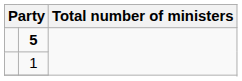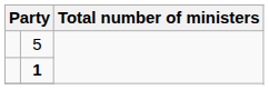 <table class="wikitable sortable">
 <tr>
 <th colspan="2">Party</th>
 <th>Total number of ministers</th>
 </tr>
 <tr>
 <td></td>
-<td style="text-align: center;"><strong>5</strong></td>
+<td style="text-align: center;">5</td>
 </tr>
 <tr>
 <td></td>
-<td style="text-align: center;">1</td>
+<td style="text-align: center;"><strong>1</strong></td>
 </tr>
 <tr>
 </tr>
 </table>
